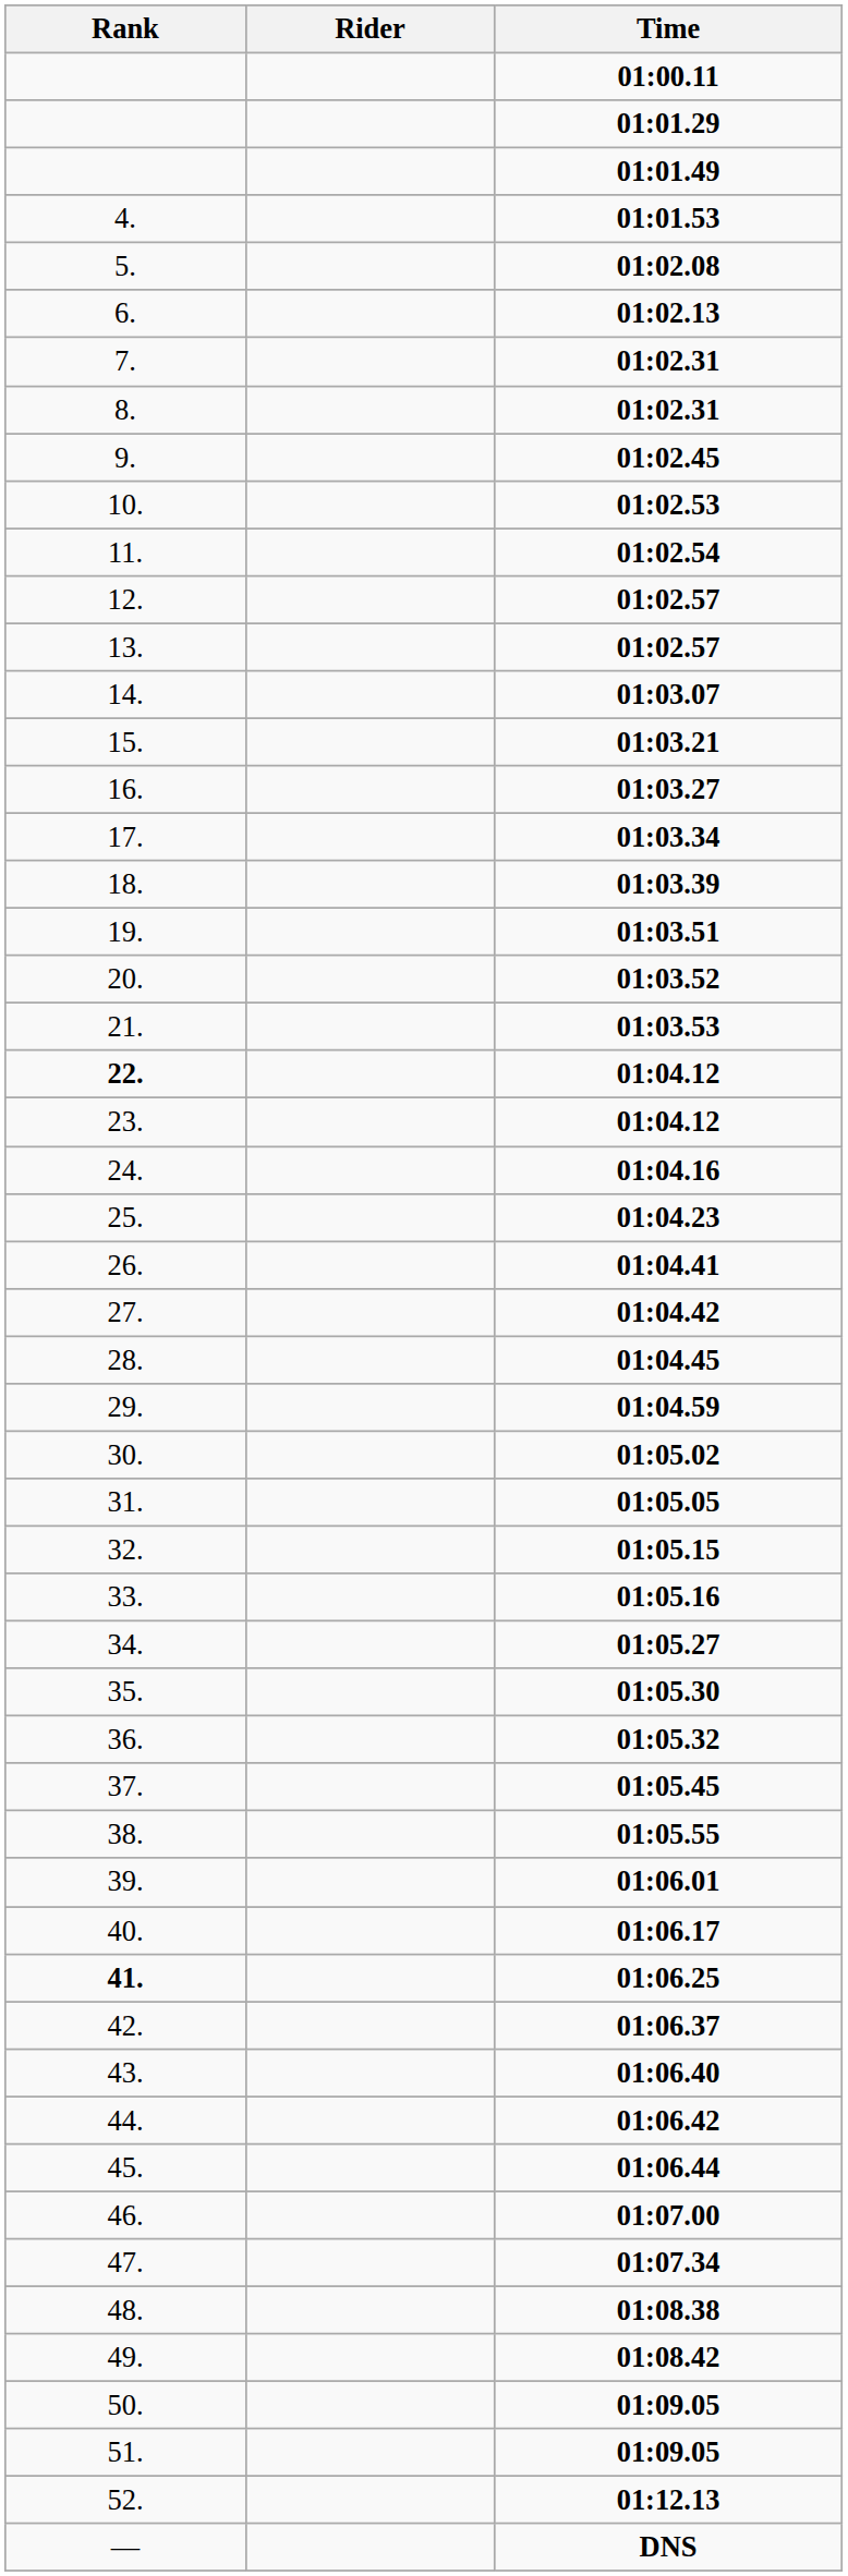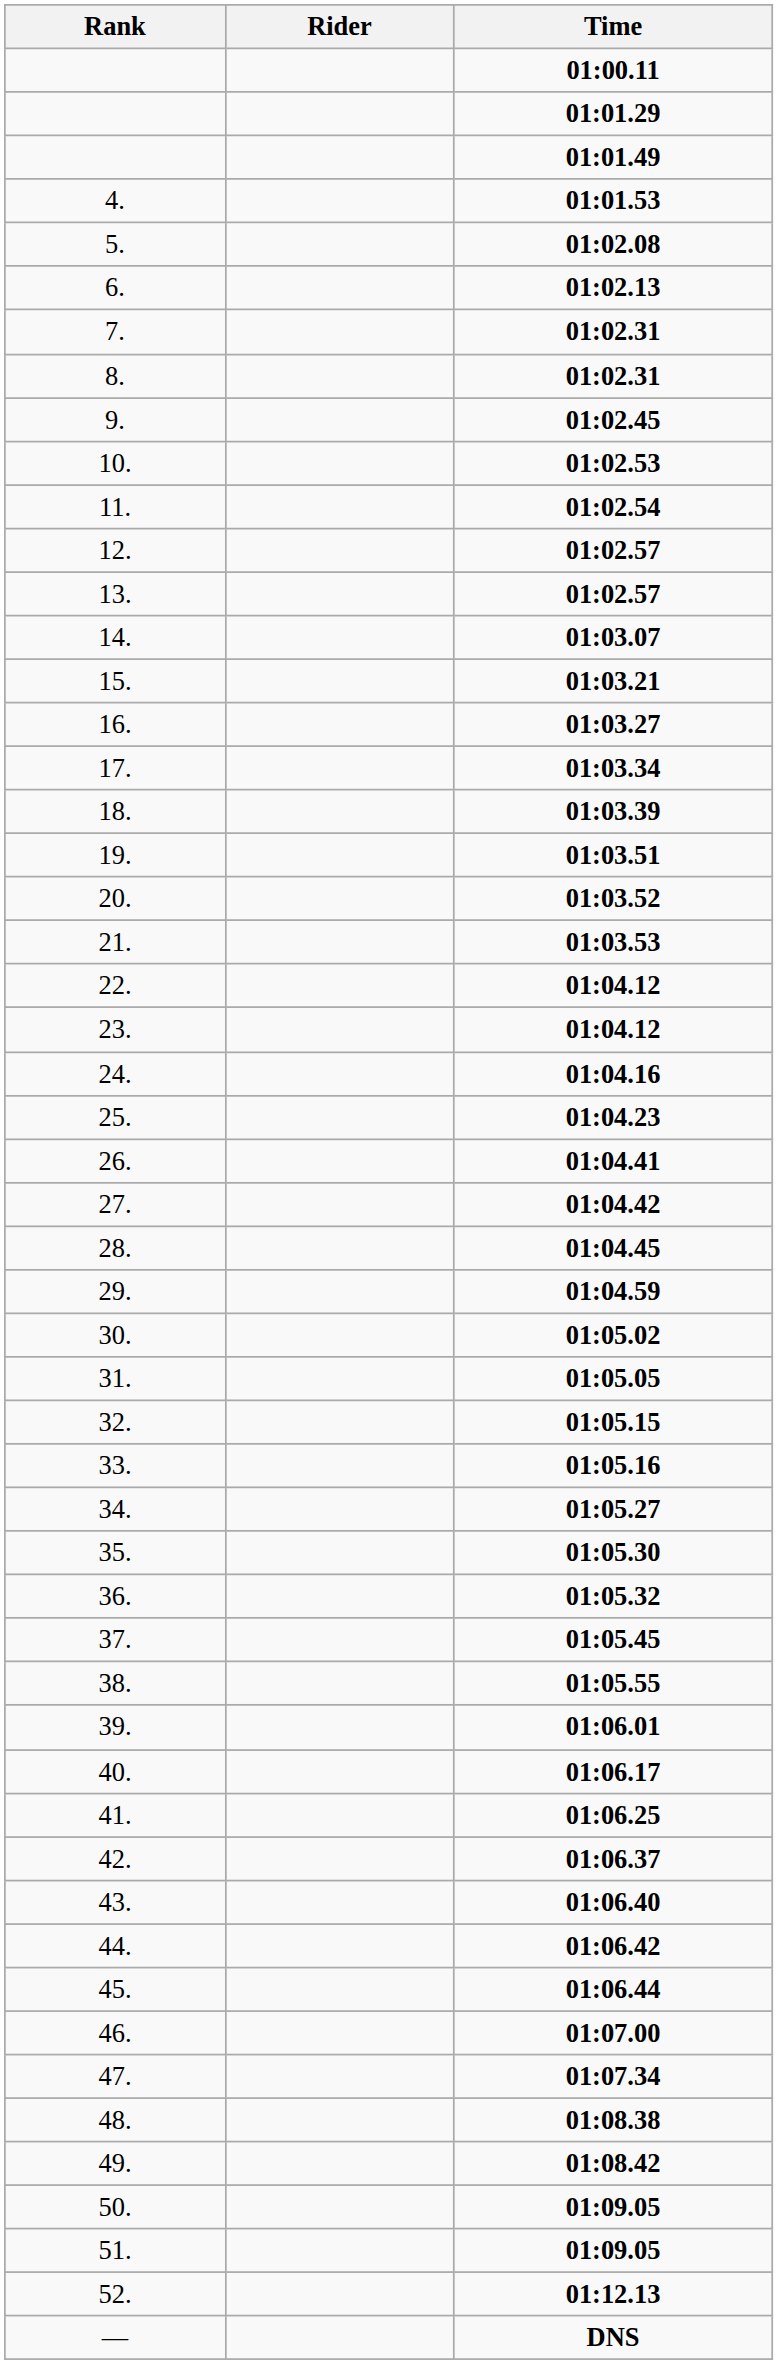 <table class=wikitable style="font-size:95%" width="50%">
 <tr>
 <th>Rank</th>
 <th>Rider</th>
 <th>Time</th>
 </tr>
 <tr>
 <td align="center"></td>
 <td></td>
 <td align="center"><strong>01:00.11</strong></td>
 </tr>
 <tr>
 <td align="center"></td>
 <td></td>
 <td align="center"><strong>01:01.29</strong></td>
 </tr>
 <tr>
 <td align="center"></td>
 <td></td>
 <td align="center"><strong>01:01.49</strong></td>
 </tr>
 <tr>
 <td align=center>4.</td>
 <td></td>
 <td align="center"><strong>01:01.53</strong></td>
 </tr>
 <tr>
 <td align=center>5.</td>
 <td></td>
 <td align="center"><strong>01:02.08</strong></td>
 </tr>
 <tr>
 <td align=center>6.</td>
 <td></td>
 <td align="center"><strong>01:02.13</strong></td>
 </tr>
 <tr>
 <td align=center>7.</td>
 <td></td>
 <td align="center"><strong>01:02.31</strong></td>
 </tr>
 <tr>
 <td align=center>8.</td>
 <td></td>
 <td align="center"><strong>01:02.31</strong></td>
 </tr>
 <tr>
 <td align=center>9.</td>
 <td></td>
 <td align="center"><strong>01:02.45</strong></td>
 </tr>
 <tr>
 <td align=center>10.</td>
 <td></td>
 <td align="center"><strong>01:02.53</strong></td>
 </tr>
 <tr>
 <td align=center>11.</td>
 <td></td>
 <td align="center"><strong>01:02.54</strong></td>
 </tr>
 <tr>
 <td align=center>12.</td>
 <td></td>
 <td align="center"><strong>01:02.57</strong></td>
 </tr>
 <tr>
 <td align=center>13.</td>
 <td></td>
 <td align="center"><strong>01:02.57</strong></td>
 </tr>
 <tr>
 <td align=center>14.</td>
 <td></td>
 <td align="center"><strong>01:03.07</strong></td>
 </tr>
 <tr>
 <td align=center>15.</td>
 <td></td>
 <td align="center"><strong>01:03.21</strong></td>
 </tr>
 <tr>
 <td align=center>16.</td>
 <td></td>
 <td align="center"><strong>01:03.27</strong></td>
 </tr>
 <tr>
 <td align=center>17.</td>
 <td></td>
 <td align="center"><strong>01:03.34</strong></td>
 </tr>
 <tr>
 <td align=center>18.</td>
 <td></td>
 <td align="center"><strong>01:03.39</strong></td>
 </tr>
 <tr>
 <td align=center>19.</td>
 <td></td>
 <td align="center"><strong>01:03.51</strong></td>
 </tr>
 <tr>
 <td align=center>20.</td>
 <td></td>
 <td align="center"><strong>01:03.52</strong></td>
 </tr>
 <tr>
 <td align=center>21.</td>
 <td></td>
 <td align="center"><strong>01:03.53</strong></td>
 </tr>
 <tr>
-<td align=center><strong>22.</strong></td>
+<td align=center>22.</td>
 <td></td>
 <td align="center"><strong>01:04.12</strong></td>
 </tr>
 <tr>
 <td align=center>23.</td>
 <td></td>
 <td align="center"><strong>01:04.12</strong></td>
 </tr>
 <tr>
 <td align=center>24.</td>
 <td></td>
 <td align="center"><strong>01:04.16</strong></td>
 </tr>
 <tr>
 <td align=center>25.</td>
 <td></td>
 <td align="center"><strong>01:04.23</strong></td>
 </tr>
 <tr>
 <td align=center>26.</td>
 <td></td>
 <td align="center"><strong>01:04.41</strong></td>
 </tr>
 <tr>
 <td align=center>27.</td>
 <td></td>
 <td align="center"><strong>01:04.42</strong></td>
 </tr>
 <tr>
 <td align=center>28.</td>
 <td></td>
 <td align="center"><strong>01:04.45</strong></td>
 </tr>
 <tr>
 <td align=center>29.</td>
 <td></td>
 <td align="center"><strong>01:04.59</strong></td>
 </tr>
 <tr>
 <td align=center>30.</td>
 <td></td>
 <td align="center"><strong>01:05.02</strong></td>
 </tr>
 <tr>
 <td align=center>31.</td>
 <td></td>
 <td align="center"><strong>01:05.05</strong></td>
 </tr>
 <tr>
 <td align=center>32.</td>
 <td></td>
 <td align="center"><strong>01:05.15</strong></td>
 </tr>
 <tr>
 <td align=center>33.</td>
 <td></td>
 <td align="center"><strong>01:05.16</strong></td>
 </tr>
 <tr>
 <td align=center>34.</td>
 <td></td>
 <td align="center"><strong>01:05.27</strong></td>
 </tr>
 <tr>
 <td align=center>35.</td>
 <td></td>
 <td align="center"><strong>01:05.30</strong></td>
 </tr>
 <tr>
 <td align=center>36.</td>
 <td></td>
 <td align="center"><strong>01:05.32</strong></td>
 </tr>
 <tr>
 <td align=center>37.</td>
 <td></td>
 <td align="center"><strong>01:05.45</strong></td>
 </tr>
 <tr>
 <td align=center>38.</td>
 <td></td>
 <td align="center"><strong>01:05.55</strong></td>
 </tr>
 <tr>
 <td align=center>39.</td>
 <td></td>
 <td align="center"><strong>01:06.01</strong></td>
 </tr>
 <tr>
 <td align=center>40.</td>
 <td></td>
 <td align="center"><strong>01:06.17</strong></td>
 </tr>
 <tr>
-<td align=center><strong>41.</strong></td>
+<td align=center>41.</td>
 <td></td>
 <td align="center"><strong>01:06.25</strong></td>
 </tr>
 <tr>
 <td align=center>42.</td>
 <td></td>
 <td align="center"><strong>01:06.37</strong></td>
 </tr>
 <tr>
 <td align=center>43.</td>
 <td></td>
 <td align="center"><strong>01:06.40</strong></td>
 </tr>
 <tr>
 <td align=center>44.</td>
 <td></td>
 <td align="center"><strong>01:06.42</strong></td>
 </tr>
 <tr>
 <td align=center>45.</td>
 <td></td>
 <td align="center"><strong>01:06.44</strong></td>
 </tr>
 <tr>
 <td align=center>46.</td>
 <td></td>
 <td align="center"><strong>01:07.00</strong></td>
 </tr>
 <tr>
 <td align=center>47.</td>
 <td></td>
 <td align="center"><strong>01:07.34</strong></td>
 </tr>
 <tr>
 <td align=center>48.</td>
 <td></td>
 <td align="center"><strong>01:08.38</strong></td>
 </tr>
 <tr>
 <td align=center>49.</td>
 <td></td>
 <td align="center"><strong>01:08.42</strong></td>
 </tr>
 <tr>
 <td align=center>50.</td>
 <td></td>
 <td align="center"><strong>01:09.05</strong></td>
 </tr>
 <tr>
 <td align=center>51.</td>
 <td></td>
 <td align="center"><strong>01:09.05</strong></td>
 </tr>
 <tr>
 <td align=center>52.</td>
 <td></td>
 <td align="center"><strong>01:12.13</strong></td>
 </tr>
 <tr>
 <td align=center>—</td>
 <td></td>
 <td align="center"><strong>DNS</strong></td>
 </tr>
 </table>
